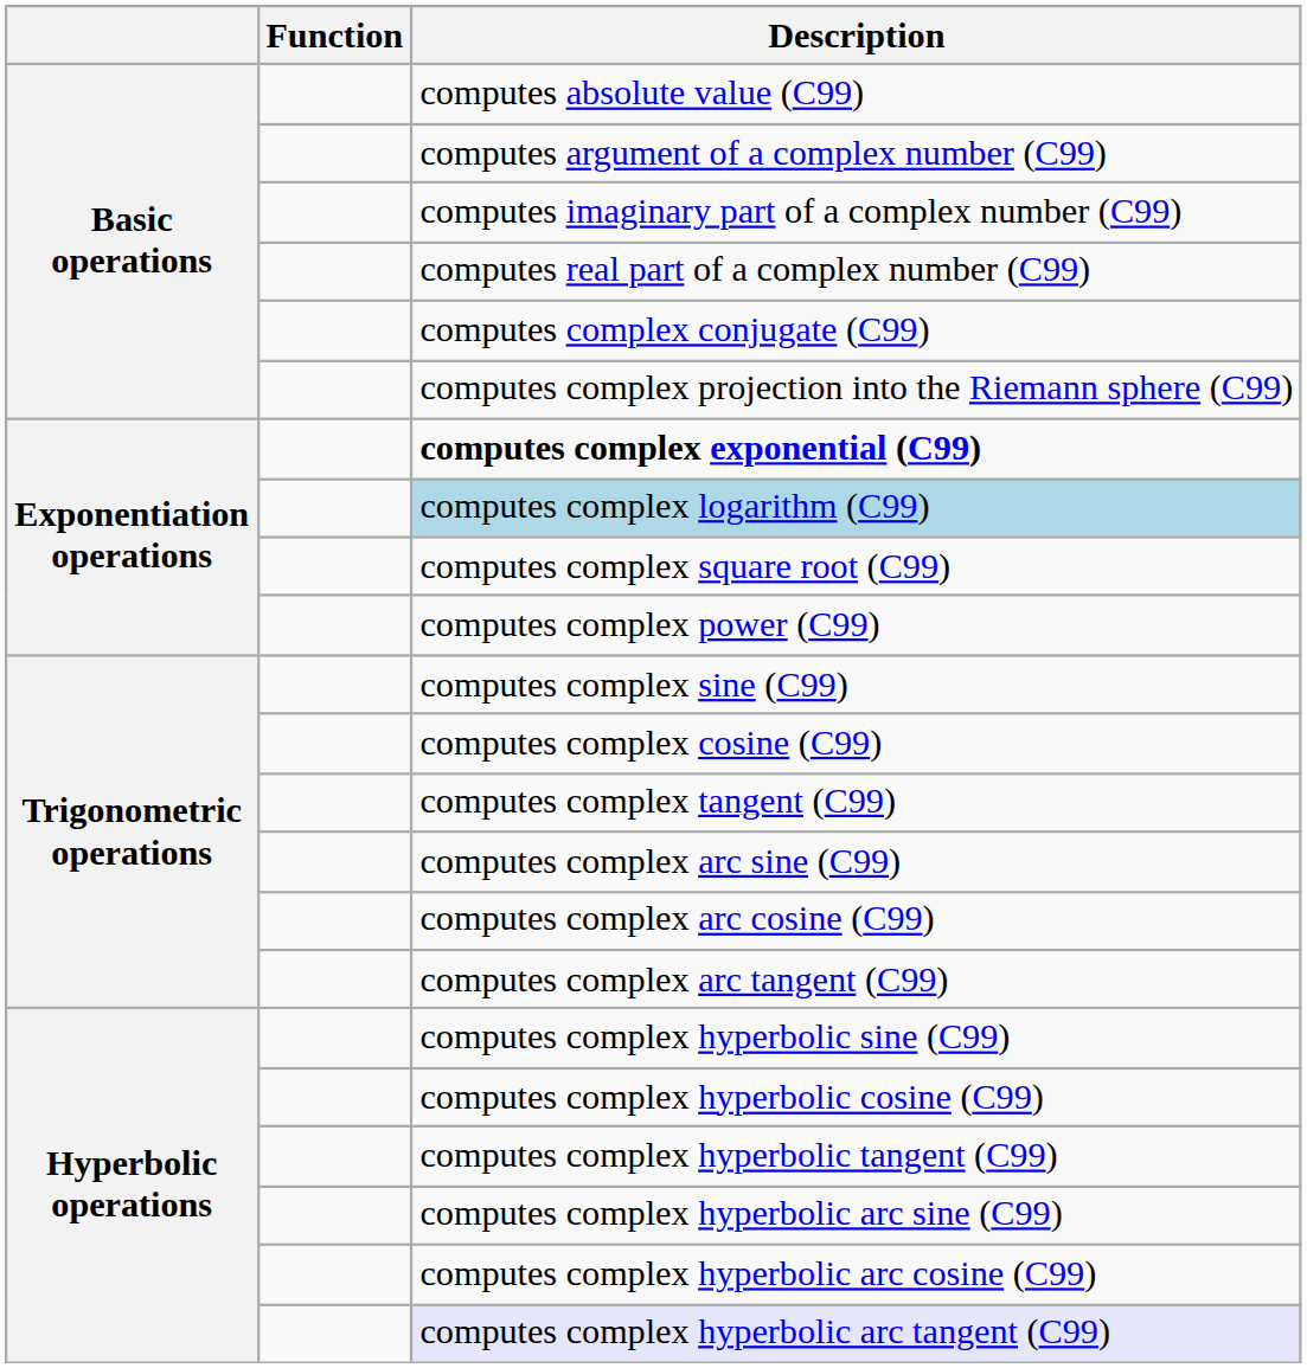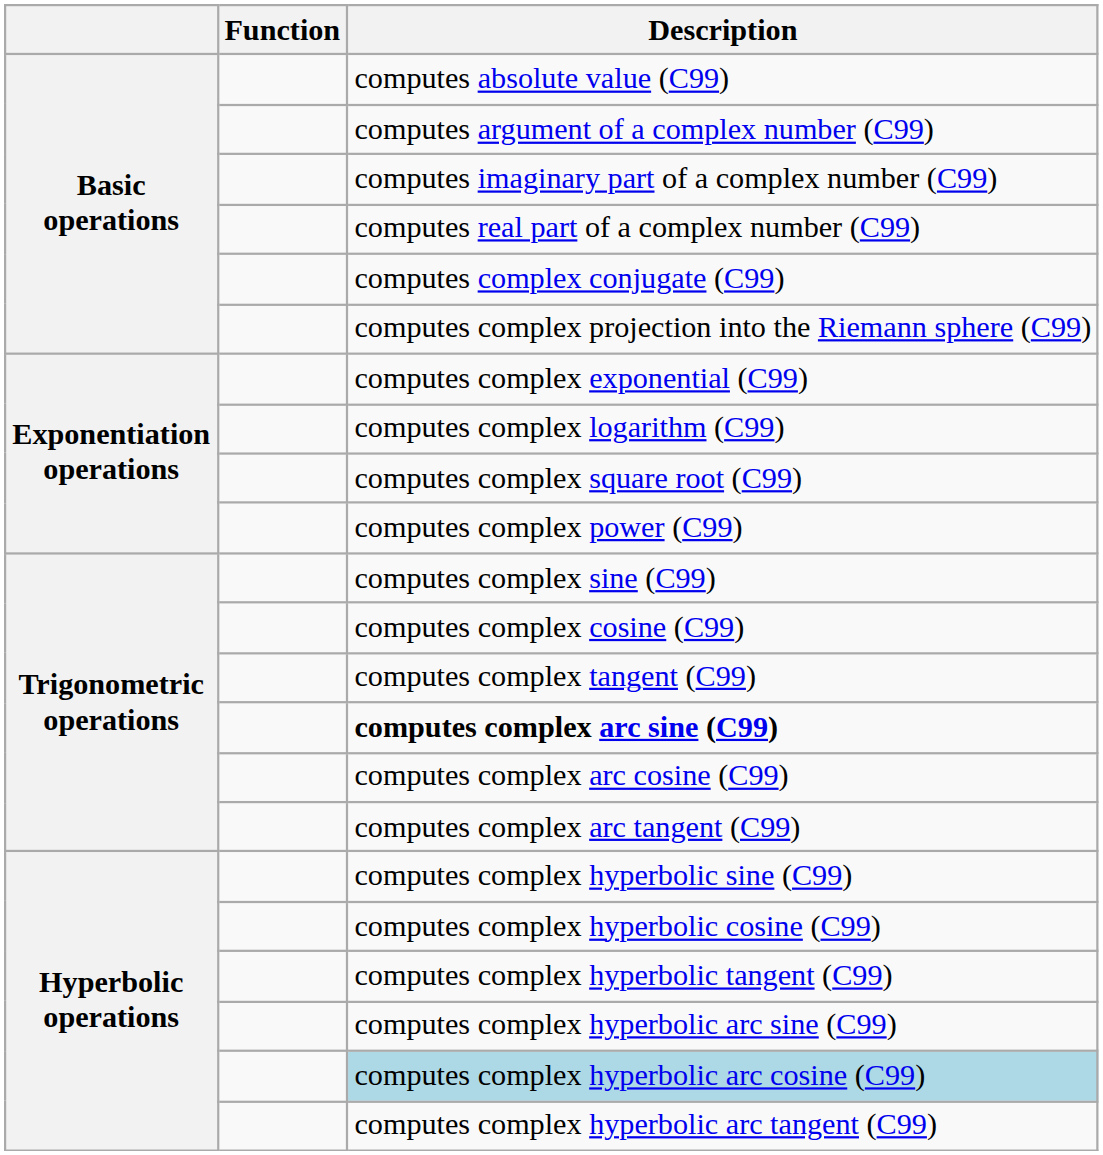 <table class="wikitable" style="font-size:0.85em">
 <tr>
 <th></th>
 <th>Function</th>
 <th>Description</th>
 </tr>
 <tr>
 <th rowspan=6>Basic<br>operations</th>
 <td><code></code></td>
 <td>computes <a href='#'>absolute value</a> (<a href='#'>C99</a>)</td>
 </tr>
 <tr>
 <td><code></code></td>
 <td>computes <a href='#'>argument of a complex number</a> (<a href='#'>C99</a>)</td>
 </tr>
 <tr>
 <td><code></code></td>
 <td>computes <a href='#'>imaginary part</a> of a complex number (<a href='#'>C99</a>)</td>
 </tr>
 <tr>
 <td><code></code></td>
 <td>computes <a href='#'>real part</a> of a complex number (<a href='#'>C99</a>)</td>
 </tr>
 <tr>
 <td></td>
 <td>computes <a href='#'>complex conjugate</a> (<a href='#'>C99</a>)</td>
 </tr>
 <tr>
 <td><code></code></td>
 <td>computes complex projection into the <a href='#'>Riemann sphere</a> (<a href='#'>C99</a>)</td>
 </tr>
 <tr>
 <th rowspan=4>Exponentiation<br>operations</th>
 <td><code></code></td>
-<td><strong>computes complex <a href='#'>exponential</a> (<a href='#'>C99</a>)</strong></td>
+<td>computes complex <a href='#'>exponential</a> (<a href='#'>C99</a>)</td>
 </tr>
 <tr>
 <td><code></code></td>
-<td style="background: lightblue;">computes complex <a href='#'>logarithm</a> (<a href='#'>C99</a>)</td>
+<td>computes complex <a href='#'>logarithm</a> (<a href='#'>C99</a>)</td>
 </tr>
 <tr>
 <td><code></code></td>
 <td>computes complex <a href='#'>square root</a> (<a href='#'>C99</a>)</td>
 </tr>
 <tr>
 <td><code></code></td>
 <td>computes complex <a href='#'>power</a> (<a href='#'>C99</a>)</td>
 </tr>
 <tr>
 <th rowspan=6>Trigonometric<br>operations</th>
 <td><code></code></td>
 <td>computes complex <a href='#'>sine</a> (<a href='#'>C99</a>)</td>
 </tr>
 <tr>
 <td><code></code></td>
 <td>computes complex <a href='#'>cosine</a> (<a href='#'>C99</a>)</td>
 </tr>
 <tr>
 <td><code></code></td>
 <td>computes complex <a href='#'>tangent</a> (<a href='#'>C99</a>)</td>
 </tr>
 <tr>
 <td><code></code></td>
-<td>computes complex <a href='#'>arc sine</a> (<a href='#'>C99</a>)</td>
+<td><strong>computes complex <a href='#'>arc sine</a> (<a href='#'>C99</a>)</strong></td>
 </tr>
 <tr>
 <td><code></code></td>
 <td>computes complex <a href='#'>arc cosine</a> (<a href='#'>C99</a>)</td>
 </tr>
 <tr>
 <td><code></code></td>
 <td>computes complex <a href='#'>arc tangent</a> (<a href='#'>C99</a>)</td>
 </tr>
 <tr>
 <th rowspan=6>Hyperbolic<br>operations</th>
 <td><code></code></td>
 <td>computes complex <a href='#'>hyperbolic sine</a> (<a href='#'>C99</a>)</td>
 </tr>
 <tr>
 <td><code></code></td>
 <td>computes complex <a href='#'>hyperbolic cosine</a> (<a href='#'>C99</a>)</td>
 </tr>
 <tr>
 <td><code></code></td>
 <td>computes complex <a href='#'>hyperbolic tangent</a> (<a href='#'>C99</a>)</td>
 </tr>
 <tr>
 <td><code></code></td>
 <td>computes complex <a href='#'>hyperbolic arc sine</a> (<a href='#'>C99</a>)</td>
 </tr>
 <tr>
 <td><code></code></td>
-<td>computes complex <a href='#'>hyperbolic arc cosine</a> (<a href='#'>C99</a>)</td>
+<td style="background: lightblue;">computes complex <a href='#'>hyperbolic arc cosine</a> (<a href='#'>C99</a>)</td>
 </tr>
 <tr>
 <td><code></code></td>
-<td style="background: lavender;">computes complex <a href='#'>hyperbolic arc tangent</a> (<a href='#'>C99</a>)</td>
+<td>computes complex <a href='#'>hyperbolic arc tangent</a> (<a href='#'>C99</a>)</td>
 </tr>
 </table>
